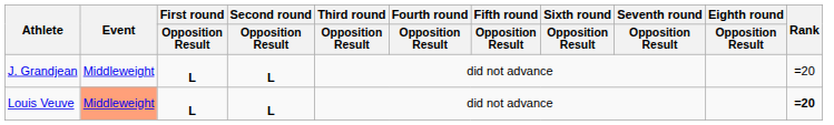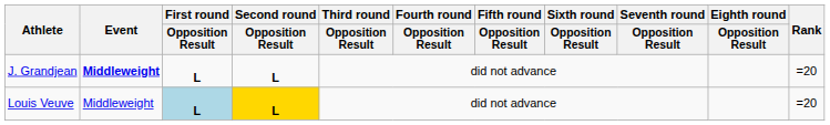 <table class="wikitable" style="font-size:90%;">
 <tr>
 <th rowspan=2>Athlete</th>
 <th rowspan=2>Event</th>
 <th>First round</th>
 <th>Second round</th>
 <th>Third round</th>
 <th>Fourth round</th>
 <th>Fifth round</th>
 <th>Sixth round</th>
 <th>Seventh round</th>
 <th>Eighth round</th>
 <th rowspan=2>Rank</th>
 </tr>
 <tr style="font-size: 95%">
 <th>Opposition<br>Result</th>
 <th>Opposition<br>Result</th>
 <th>Opposition<br>Result</th>
 <th>Opposition<br>Result</th>
 <th>Opposition<br>Result</th>
 <th>Opposition<br>Result</th>
 <th>Opposition<br>Result</th>
 <th>Opposition<br>Result</th>
 </tr>
 <tr align=center>
 <td align=left><a href='#'>J. Grandjean</a></td>
-<td align=left><a href='#'>Middleweight</a></td>
+<td align=left><strong><a href='#'>Middleweight</a></strong></td>
 <td> <br> <strong>L</strong></td>
 <td> <br> <strong>L</strong></td>
 <td colspan=5>did not advance</td>
 <td></td>
 <td>=20</td>
 </tr>
 <tr align=center>
 <td align=left><a href='#'>Louis Veuve</a></td>
-<td align=left style="background: lightsalmon;"><a href='#'>Middleweight</a></td>
-<td> <br> <strong>L</strong></td>
-<td> <br> <strong>L</strong></td>
+<td align=left><a href='#'>Middleweight</a></td>
+<td style="background: lightblue;"> <br> <strong>L</strong></td>
+<td style="background: gold;"> <br> <strong>L</strong></td>
 <td colspan=5>did not advance</td>
 <td></td>
-<td><strong>=20</strong></td>
+<td>=20</td>
 </tr>
 </table>
